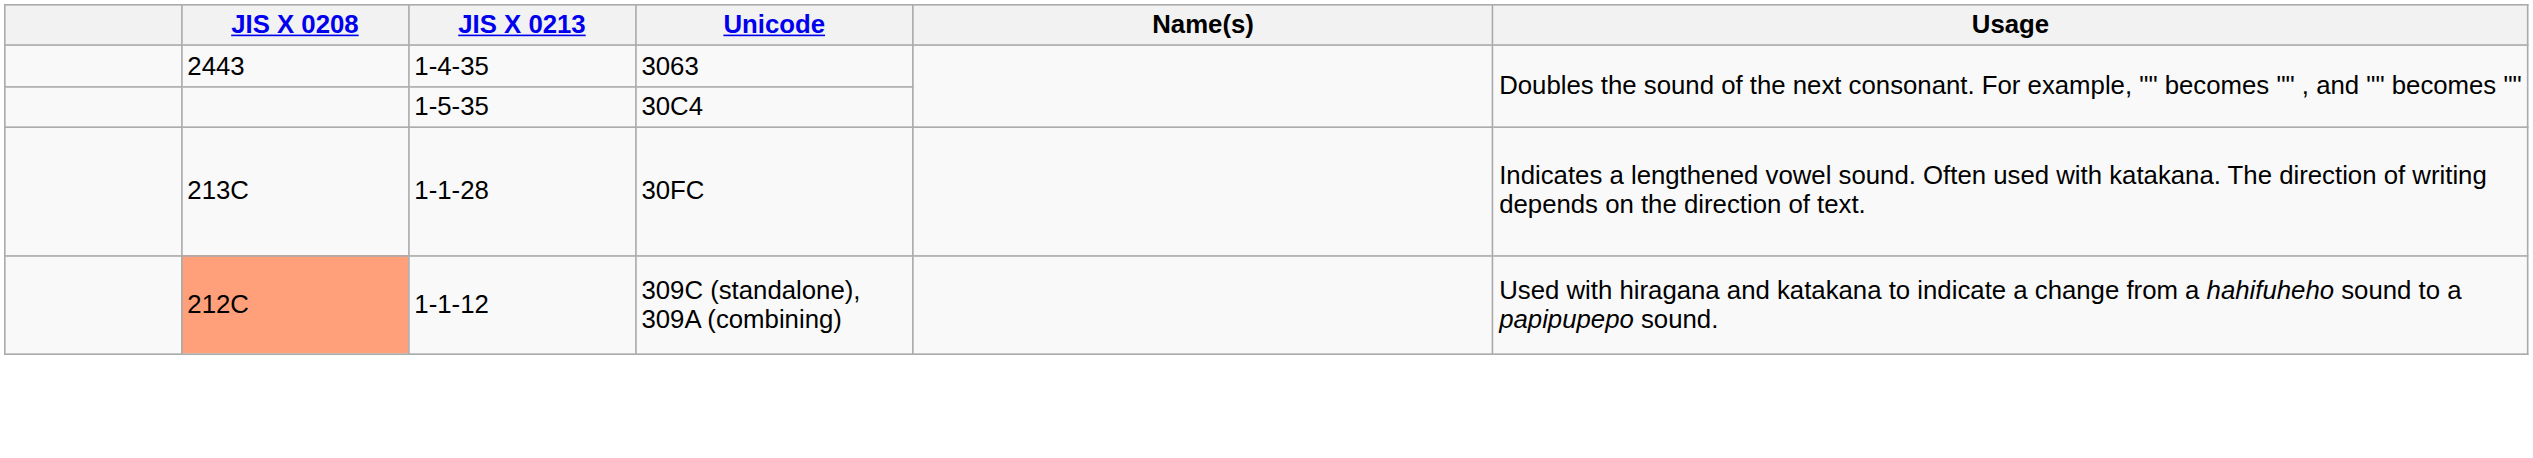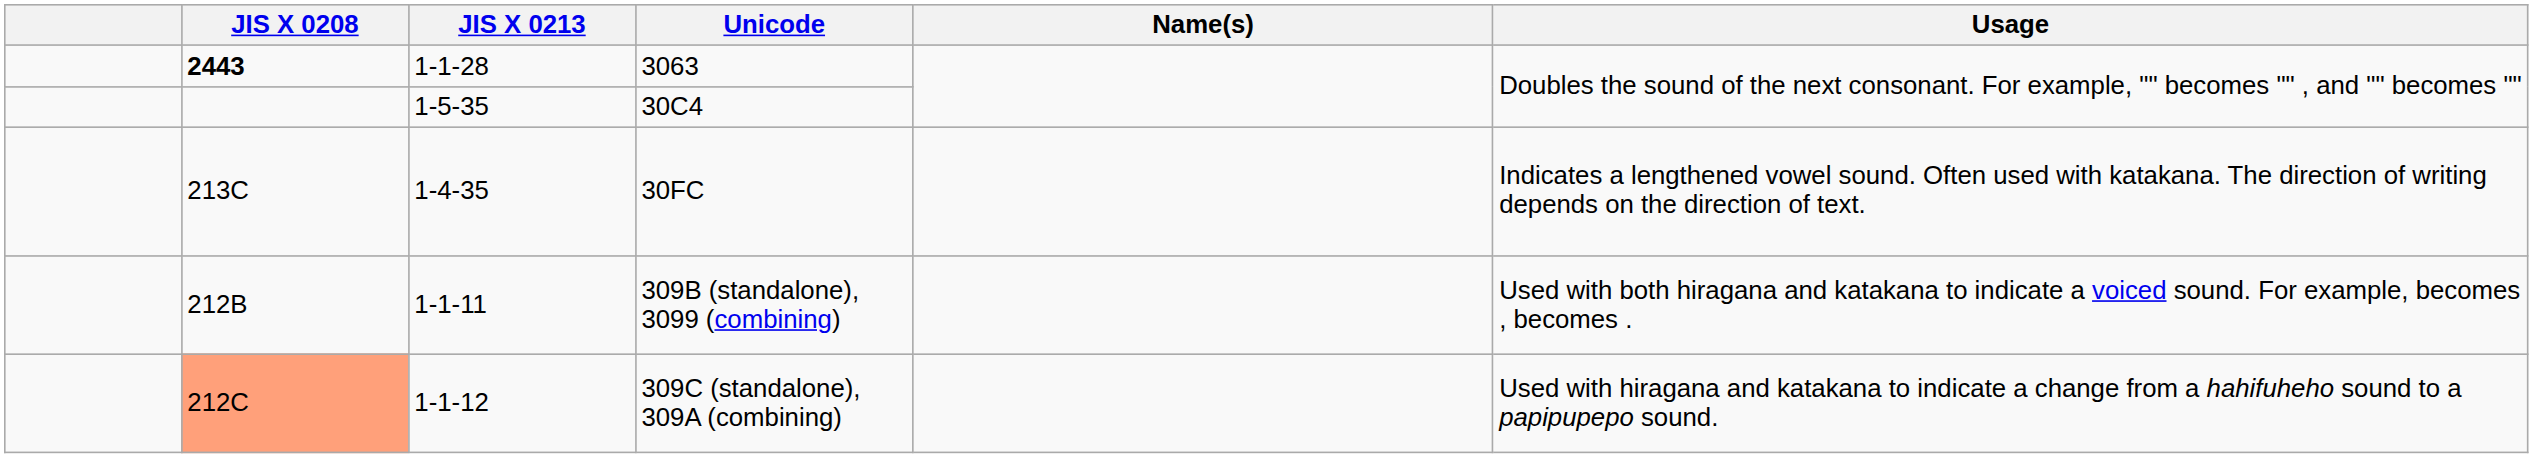 <table class="wikitable">
 <tr>
 <th style="width:7%"></th>
 <th style="width:9%"><a href='#'>JIS X 0208</a></th>
 <th style="width:9%"><a href='#'>JIS X 0213</a></th>
 <th style="width:11%"><a href='#'>Unicode</a></th>
 <th style="width:23%">Name(s)</th>
 <th style="width:41%">Usage</th>
 </tr>
 <tr>
 <td style="font-size: 2em;"></td>
-<td>2443</td>
-<td>1-4-35</td>
+<td><strong>2443</strong></td>
+<td>1-1-28</td>
 <td>3063</td>
 <td rowspan="2"><br></td>
 <td rowspan="2">Doubles the sound of the next consonant. For example, ""  becomes "" , and ""  becomes "" </td>
 </tr>
 <tr>
 <td style="font-size: 2em;"></td>
 <td></td>
 <td>1-5-35</td>
 <td>30C4</td>
 </tr>
 <tr>
 <td style="font-size: 2em;"></td>
 <td>213C</td>
-<td>1-1-28</td>
+<td>1-4-35</td>
 <td>30FC</td>
 <td><br><br> <br> <br> </td>
 <td>Indicates a lengthened vowel sound. Often used with katakana. The direction of writing depends on the direction of text.</td>
+</tr>
+<tr>
+<td style="font-size: 2em;"></td>
+<td>212B</td>
+<td>1-1-11</td>
+<td>309B (standalone),<br>3099 (<a href='#'>combining</a>)</td>
+<td><br><br> <br> </td>
+<td>Used with both hiragana and katakana to indicate a <a href='#'>voiced</a> sound. For example,  becomes ,  becomes .</td>
 </tr>
 <tr>
 <td style="font-size: 2em;"></td>
 <td style="background: lightsalmon;">212C</td>
 <td>1-1-12</td>
 <td>309C (standalone),<br>309A (combining)</td>
 <td><br><br> <br> </td>
 <td>Used with hiragana and katakana to indicate a change from a <em>hahifuheho</em> sound to a <em>papipupepo</em> sound.</td>
 </tr>
 </table>
